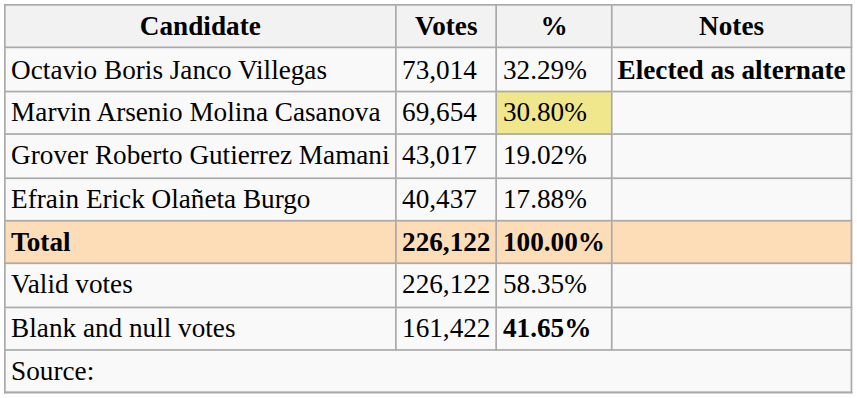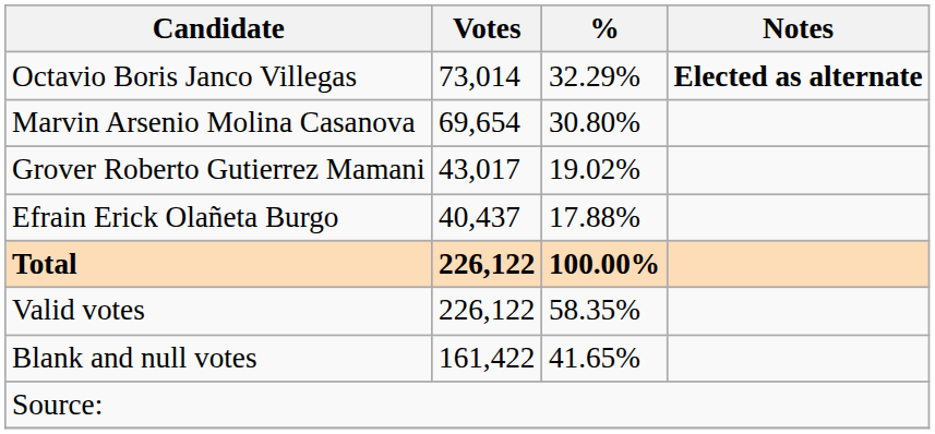 <table class=wikitable>
 <tr>
 <th>Candidate</th>
 <th>Votes</th>
 <th>%</th>
 <th>Notes</th>
 </tr>
 <tr>
 <td>Octavio Boris Janco Villegas</td>
 <td>73,014</td>
 <td>32.29%</td>
 <td><strong>Elected as alternate</strong></td>
 </tr>
 <tr>
 <td>Marvin Arsenio Molina Casanova</td>
 <td>69,654</td>
-<td style="background: khaki;">30.80%</td>
+<td>30.80%</td>
 <td></td>
 </tr>
 <tr>
 <td>Grover Roberto Gutierrez Mamani</td>
 <td>43,017</td>
 <td>19.02%</td>
 <td></td>
 </tr>
 <tr>
 <td>Efrain Erick Olañeta Burgo</td>
 <td>40,437</td>
 <td>17.88%</td>
 <td></td>
 </tr>
 <tr>
 <td style="background:#FDDCB8"><strong>Total</strong></td>
 <td style="background:#FDDCB8"><strong>226,122</strong></td>
 <td style="background:#FDDCB8"><strong>100.00%</strong></td>
 <td style="background:#FDDCB8"></td>
 </tr>
 <tr>
 <td>Valid votes</td>
 <td>226,122</td>
 <td>58.35%</td>
 <td></td>
 </tr>
 <tr>
 <td>Blank and null votes</td>
 <td>161,422</td>
-<td><strong>41.65%</strong></td>
+<td>41.65%</td>
 <td></td>
 </tr>
 <tr>
 <td colspan="4">Source: </td>
 </tr>
 <tr>
 </tr>
 </table>
